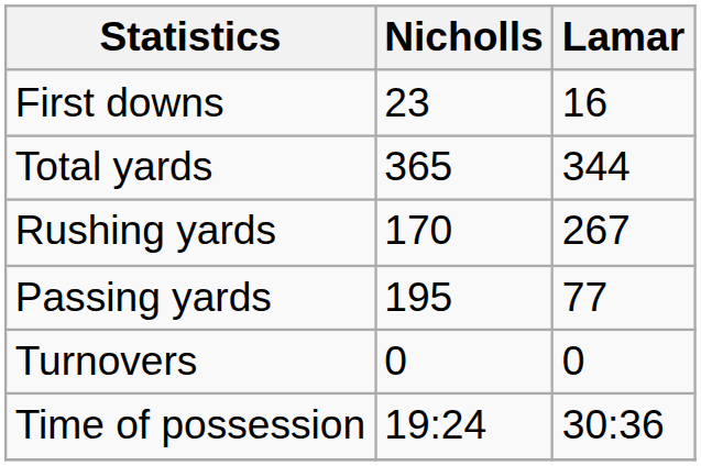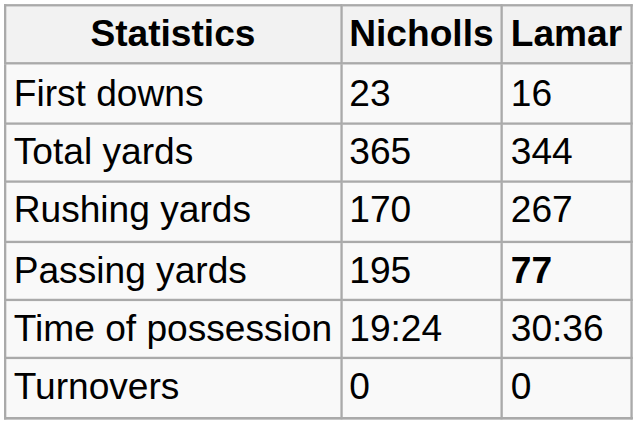 <table class="wikitable" style="float: left;">
 <tr>
 <th>Statistics</th>
 <th><strong>Nicholls</strong></th>
 <th><strong>Lamar</strong></th>
 </tr>
 <tr>
 <td>First downs</td>
 <td>23</td>
 <td>16</td>
 </tr>
 <tr>
 <td>Total yards</td>
 <td>365</td>
 <td>344</td>
 </tr>
 <tr>
 <td>Rushing yards</td>
 <td>170</td>
 <td>267</td>
 </tr>
 <tr>
 <td>Passing yards</td>
 <td>195</td>
-<td>77</td>
+<td><strong>77</strong></td>
+</tr>
+<tr>
+<td>Time of possession</td>
+<td>19:24</td>
+<td>30:36</td>
 </tr>
 <tr>
 <td>Turnovers</td>
 <td>0</td>
 <td>0</td>
 </tr>
 <tr>
-<td>Time of possession</td>
-<td>19:24</td>
-<td>30:36</td>
-</tr>
-<tr>
 </tr>
 </table>
